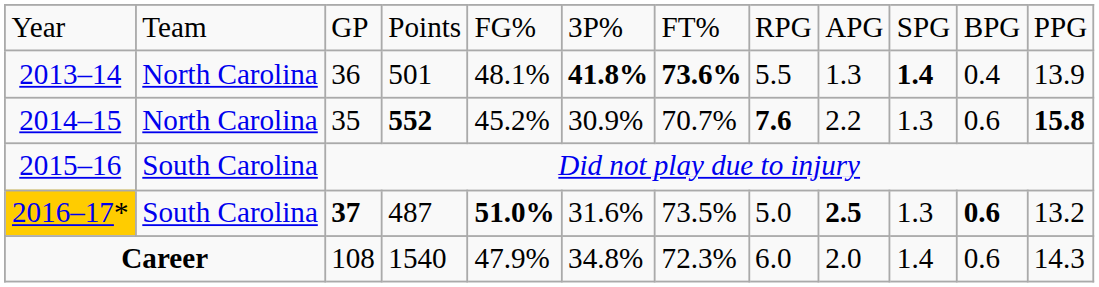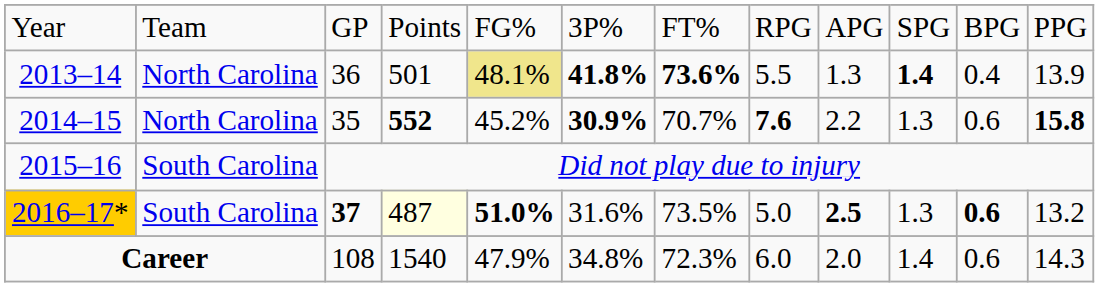 <table class="wikitable sortable">
 <tr>
 <td>Year</td>
 <td>Team</td>
 <td>GP</td>
 <td>Points</td>
 <td>FG%</td>
 <td>3P%</td>
 <td>FT%</td>
 <td>RPG</td>
 <td>APG</td>
 <td>SPG</td>
 <td>BPG</td>
 <td>PPG</td>
 </tr>
 <tr>
 <td width="12%" style="text-align:center;"><a href='#'>2013–14</a></td>
 <td style="text-align:center;"><a href='#'>North Carolina</a></td>
 <td>36</td>
 <td>501</td>
-<td>48.1%</td>
+<td style="background: khaki;">48.1%</td>
 <td><strong>41.8%</strong></td>
 <td><strong>73.6%</strong></td>
 <td>5.5</td>
 <td>1.3</td>
 <td><strong>1.4</strong></td>
 <td>0.4</td>
 <td>13.9</td>
 </tr>
 <tr>
 <td style="text-align:center;"><a href='#'>2014–15</a></td>
 <td style="text-align:center;"><a href='#'>North Carolina</a></td>
 <td>35</td>
 <td><strong>552</strong></td>
 <td>45.2%</td>
-<td>30.9%</td>
+<td><strong>30.9%</strong></td>
 <td>70.7%</td>
 <td><strong>7.6</strong></td>
 <td>2.2</td>
 <td>1.3</td>
 <td>0.6</td>
 <td><strong>15.8</strong></td>
 </tr>
 <tr>
 <td style="text-align:center;"><a href='#'>2015–16</a></td>
 <td style="text-align:center;"><a href='#'>South Carolina</a></td>
 <td style="text-align:center;" colspan=10><a href='#'><em>Did not play due to injury</em></a></td>
 </tr>
 <tr>
 <td style="background:#ffcc00; width:3em; text-align:center;"><a href='#'>2016–17</a>*</td>
 <td style="text-align:center;"><a href='#'>South Carolina</a></td>
 <td><strong>37</strong></td>
-<td>487</td>
+<td style="background: lightyellow;">487</td>
 <td><strong>51.0%</strong></td>
 <td>31.6%</td>
 <td>73.5%</td>
 <td>5.0</td>
 <td><strong>2.5</strong></td>
 <td>1.3</td>
 <td><strong>0.6</strong></td>
 <td>13.2</td>
 </tr>
 <tr>
 <td style="text-align:center;" colspan=2><strong>Career</strong></td>
 <td>108</td>
 <td>1540</td>
 <td>47.9%</td>
 <td>34.8%</td>
 <td>72.3%</td>
 <td>6.0</td>
 <td>2.0</td>
 <td>1.4</td>
 <td>0.6</td>
 <td>14.3</td>
 </tr>
 </table>
